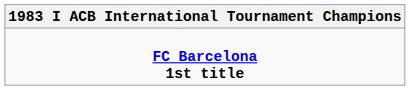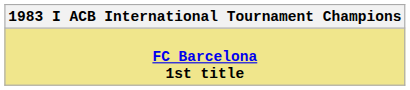 <table class=wikitable style="text-align:center; margin:auto">
 <tr>
 <th>1983 I ACB International Tournament Champions</th>
 </tr>
 <tr>
-<td><br> <strong><a href='#'>FC Barcelona</a></strong> <br> <strong>1st title</strong></td>
+<td style="background: khaki;"><br> <strong><a href='#'>FC Barcelona</a></strong> <br> <strong>1st title</strong></td>
 </tr>
 </table>
